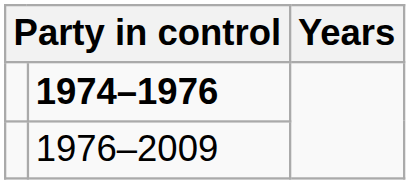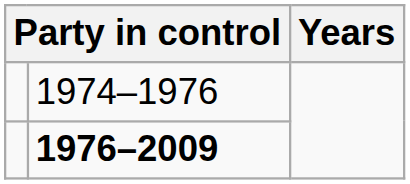 <table class="wikitable">
 <tr>
 <th colspan="2">Party in control</th>
 <th>Years</th>
 </tr>
 <tr>
 <td></td>
-<td><strong>1974–1976</strong></td>
+<td>1974–1976</td>
 </tr>
 <tr>
 <td></td>
-<td>1976–2009</td>
+<td><strong>1976–2009</strong></td>
 </tr>
 </table>
